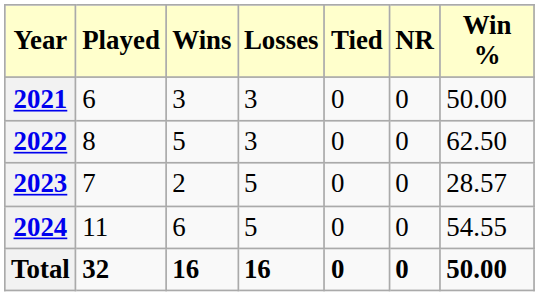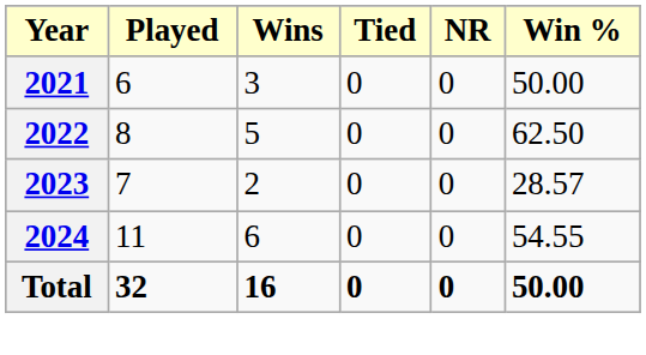 <table class="wikitable" style="width:25%;">
 <tr>
 <th style="background:#ffc;">Year</th>
 <th style="background:#ffc;">Played</th>
 <th style="background:#ffc;">Wins</th>
-<th style="background:#ffc;">Losses</th>
 <th style="background:#ffc;">Tied</th>
 <th style="background:#ffc;">NR</th>
 <th style="background:#ffc;">Win %</th>
 </tr>
 <tr>
 <th><a href='#'>2021</a></th>
 <td>6</td>
-<td>3</td>
 <td>3</td>
 <td>0</td>
 <td>0</td>
 <td>50.00</td>
 </tr>
 <tr>
 <th><a href='#'>2022</a></th>
 <td>8</td>
 <td>5</td>
-<td>3</td>
 <td>0</td>
 <td>0</td>
 <td>62.50</td>
 </tr>
 <tr>
 <th><a href='#'>2023</a></th>
 <td>7</td>
 <td>2</td>
-<td>5</td>
 <td>0</td>
 <td>0</td>
 <td>28.57</td>
 </tr>
 <tr>
 <th><a href='#'>2024</a></th>
 <td>11</td>
 <td>6</td>
-<td>5</td>
 <td>0</td>
 <td>0</td>
 <td>54.55</td>
 </tr>
 <tr>
 <th>Total</th>
 <td><strong>32</strong></td>
 <td><strong>16</strong></td>
-<td><strong>16</strong></td>
 <td><strong>0</strong></td>
 <td><strong>0</strong></td>
 <td><strong>50.00</strong></td>
 </tr>
 </table>
